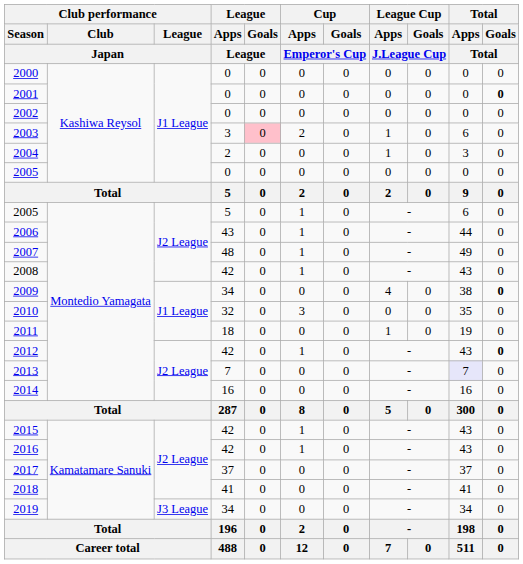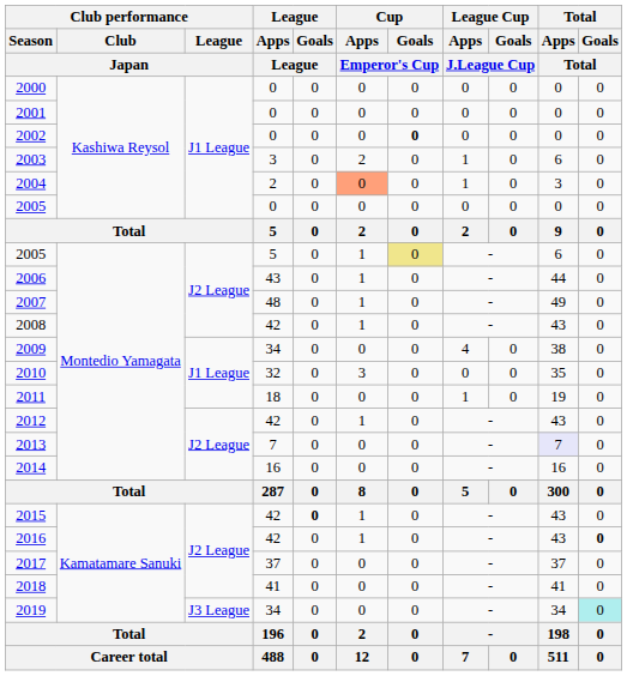 <table class="wikitable" style="text-align:center">
 <tr>
 <th colspan=3>Club performance</th>
 <th colspan=2>League</th>
 <th colspan=2>Cup</th>
 <th colspan=2>League Cup</th>
 <th colspan=2>Total</th>
 </tr>
 <tr>
 <th>Season</th>
 <th>Club</th>
 <th>League</th>
 <th>Apps</th>
 <th>Goals</th>
 <th>Apps</th>
 <th>Goals</th>
 <th>Apps</th>
 <th>Goals</th>
 <th>Apps</th>
 <th>Goals</th>
 </tr>
 <tr>
 <th colspan=3>Japan</th>
 <th colspan=2>League</th>
 <th colspan=2><a href='#'>Emperor's Cup</a></th>
 <th colspan=2><a href='#'>J.League Cup</a></th>
 <th colspan=2>Total</th>
 </tr>
 <tr>
 <td><a href='#'>2000</a></td>
 <td rowspan="6"><a href='#'>Kashiwa Reysol</a></td>
 <td rowspan="6"><a href='#'>J1 League</a></td>
 <td>0</td>
 <td>0</td>
 <td>0</td>
 <td>0</td>
 <td>0</td>
 <td>0</td>
 <td>0</td>
 <td>0</td>
 </tr>
 <tr>
 <td><a href='#'>2001</a></td>
 <td>0</td>
 <td>0</td>
 <td>0</td>
 <td>0</td>
 <td>0</td>
 <td>0</td>
 <td>0</td>
-<td><strong>0</strong></td>
+<td>0</td>
 </tr>
 <tr>
 <td><a href='#'>2002</a></td>
 <td>0</td>
 <td>0</td>
 <td>0</td>
-<td>0</td>
+<td><strong>0</strong></td>
 <td>0</td>
 <td>0</td>
 <td>0</td>
 <td>0</td>
 </tr>
 <tr>
 <td><a href='#'>2003</a></td>
 <td>3</td>
-<td style="background: pink;">0</td>
+<td>0</td>
 <td>2</td>
 <td>0</td>
 <td>1</td>
 <td>0</td>
 <td>6</td>
 <td>0</td>
 </tr>
 <tr>
 <td><a href='#'>2004</a></td>
 <td>2</td>
 <td>0</td>
-<td>0</td>
+<td style="background: lightsalmon;">0</td>
 <td>0</td>
 <td>1</td>
 <td>0</td>
 <td>3</td>
 <td>0</td>
 </tr>
 <tr>
 <td><a href='#'>2005</a></td>
 <td>0</td>
 <td>0</td>
 <td>0</td>
 <td>0</td>
 <td>0</td>
 <td>0</td>
 <td>0</td>
 <td>0</td>
 </tr>
 <tr>
 <th colspan="3">Total</th>
 <th>5</th>
 <th>0</th>
 <th>2</th>
 <th>0</th>
 <th>2</th>
 <th>0</th>
 <th>9</th>
 <th>0</th>
 </tr>
 <tr>
 <td>2005</td>
 <td rowspan="10"><a href='#'>Montedio Yamagata</a></td>
 <td rowspan="4"><a href='#'>J2 League</a></td>
 <td>5</td>
 <td>0</td>
 <td>1</td>
-<td>0</td>
+<td style="background: khaki;">0</td>
 <td colspan="2">-</td>
 <td>6</td>
 <td>0</td>
 </tr>
 <tr>
 <td><a href='#'>2006</a></td>
 <td>43</td>
 <td>0</td>
 <td>1</td>
 <td>0</td>
 <td colspan="2">-</td>
 <td>44</td>
 <td>0</td>
 </tr>
 <tr>
 <td><a href='#'>2007</a></td>
 <td>48</td>
 <td>0</td>
 <td>1</td>
 <td>0</td>
 <td colspan="2">-</td>
 <td>49</td>
 <td>0</td>
 </tr>
 <tr>
 <td>2008</td>
 <td>42</td>
 <td>0</td>
 <td>1</td>
 <td>0</td>
 <td colspan="2">-</td>
 <td>43</td>
 <td>0</td>
 </tr>
 <tr>
 <td><a href='#'>2009</a></td>
 <td rowspan="3"><a href='#'>J1 League</a></td>
 <td>34</td>
 <td>0</td>
 <td>0</td>
 <td>0</td>
 <td>4</td>
 <td>0</td>
 <td>38</td>
-<td><strong>0</strong></td>
+<td>0</td>
 </tr>
 <tr>
 <td><a href='#'>2010</a></td>
 <td>32</td>
 <td>0</td>
 <td>3</td>
 <td>0</td>
 <td>0</td>
 <td>0</td>
 <td>35</td>
 <td>0</td>
 </tr>
 <tr>
 <td><a href='#'>2011</a></td>
 <td>18</td>
 <td>0</td>
 <td>0</td>
 <td>0</td>
 <td>1</td>
 <td>0</td>
 <td>19</td>
 <td>0</td>
 </tr>
 <tr>
 <td><a href='#'>2012</a></td>
 <td rowspan="3"><a href='#'>J2 League</a></td>
 <td>42</td>
 <td>0</td>
 <td>1</td>
 <td>0</td>
 <td colspan="2">-</td>
 <td>43</td>
-<td><strong>0</strong></td>
+<td>0</td>
 </tr>
 <tr>
 <td><a href='#'>2013</a></td>
 <td>7</td>
 <td>0</td>
 <td>0</td>
 <td>0</td>
 <td colspan="2">-</td>
 <td style="background: lavender;">7</td>
 <td>0</td>
 </tr>
 <tr>
 <td><a href='#'>2014</a></td>
 <td>16</td>
 <td>0</td>
 <td>0</td>
 <td>0</td>
 <td colspan="2">-</td>
 <td>16</td>
 <td>0</td>
 </tr>
 <tr>
 <th colspan="3">Total</th>
 <th>287</th>
 <th>0</th>
 <th>8</th>
 <th>0</th>
 <th>5</th>
 <th>0</th>
 <th>300</th>
 <th>0</th>
 </tr>
 <tr>
 <td><a href='#'>2015</a></td>
 <td rowspan="5"><a href='#'>Kamatamare Sanuki</a></td>
 <td rowspan="4"><a href='#'>J2 League</a></td>
 <td>42</td>
-<td>0</td>
+<td><strong>0</strong></td>
 <td>1</td>
 <td>0</td>
 <td colspan="2">-</td>
 <td>43</td>
 <td>0</td>
 </tr>
 <tr>
 <td><a href='#'>2016</a></td>
 <td>42</td>
 <td>0</td>
 <td>1</td>
 <td>0</td>
 <td colspan="2">-</td>
 <td>43</td>
-<td>0</td>
+<td><strong>0</strong></td>
 </tr>
 <tr>
 <td><a href='#'>2017</a></td>
 <td>37</td>
 <td>0</td>
 <td>0</td>
 <td>0</td>
 <td colspan="2">-</td>
 <td>37</td>
 <td>0</td>
 </tr>
 <tr>
 <td><a href='#'>2018</a></td>
 <td>41</td>
 <td>0</td>
 <td>0</td>
 <td>0</td>
 <td colspan="2">-</td>
 <td>41</td>
 <td>0</td>
 </tr>
 <tr>
 <td><a href='#'>2019</a></td>
 <td><a href='#'>J3 League</a></td>
 <td>34</td>
 <td>0</td>
 <td>0</td>
 <td>0</td>
 <td colspan="2">-</td>
 <td>34</td>
-<td>0</td>
+<td style="background: paleturquoise;">0</td>
 </tr>
 <tr>
 <th colspan="3">Total</th>
 <th>196</th>
 <th>0</th>
 <th>2</th>
 <th>0</th>
 <th colspan="2">-</th>
 <th>198</th>
 <th>0</th>
 </tr>
 <tr>
 <th colspan=3>Career total</th>
 <th>488</th>
 <th>0</th>
 <th>12</th>
 <th>0</th>
 <th>7</th>
 <th>0</th>
 <th>511</th>
 <th>0</th>
 </tr>
 </table>
